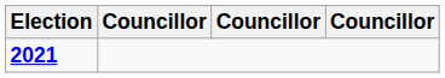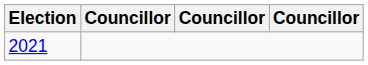 <table class="wikitable">
 <tr>
 <th>Election</th>
 <th colspan="2">Councillor</th>
 <th colspan="2">Councillor</th>
 <th colspan="2">Councillor</th>
 </tr>
 <tr>
-<td><strong><a href='#'>2021</a><br>  </strong></td>
+<td><a href='#'>2021</a><br>  </td>
 </tr>
 </table>
